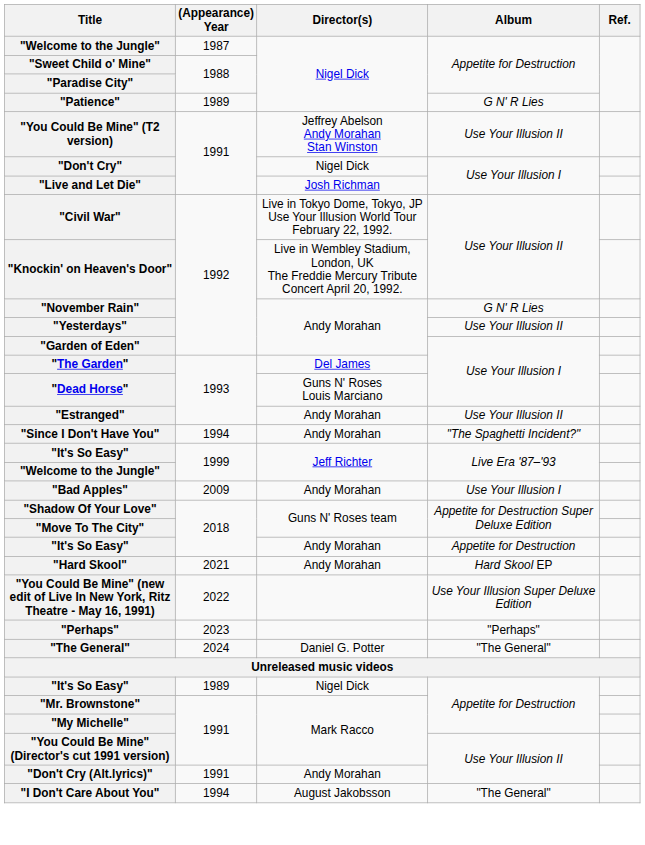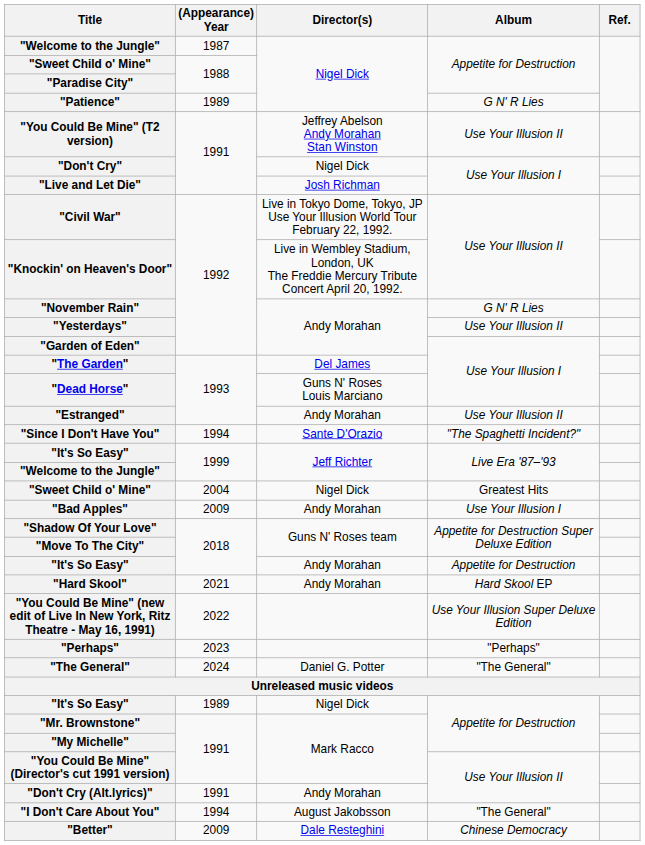 <table class="wikitable plainrowheaders" style="text-align:center;">
 <tr>
 <th scope="col" style="width:14em;">Title</th>
 <th scope="col" style="width:3em;">(Appearance) Year</th>
 <th scope="col" style="width:14em;">Director(s)</th>
 <th scope="col" style="width:14em;">Album</th>
 <th scope="col" style="width:3em;">Ref.</th>
 </tr>
 <tr>
 <th scope="row">"Welcome to the Jungle"</th>
 <td>1987</td>
 <td rowspan="4"><a href='#'>Nigel Dick</a></td>
 <td rowspan="3"><em>Appetite for Destruction</em></td>
 <td rowspan="4"></td>
 </tr>
 <tr>
 <th scope="row">"Sweet Child o' Mine"<br></th>
 <td rowspan="2">1988</td>
 </tr>
 <tr>
 <th scope="row">"Paradise City"</th>
 </tr>
 <tr>
 <th scope="row">"Patience"</th>
 <td>1989</td>
 <td><em>G N' R Lies</em></td>
 </tr>
 <tr>
 <th scope="row">"You Could Be Mine" (T2 version)</th>
 <td rowspan="3">1991</td>
 <td>Jeffrey Abelson<br><a href='#'>Andy Morahan</a><br><a href='#'>Stan Winston</a></td>
 <td><em>Use Your Illusion II</em></td>
 <td></td>
 </tr>
 <tr>
 <th scope="row">"Don't Cry"</th>
 <td>Nigel Dick</td>
 <td rowspan="2"><em>Use Your Illusion I</em></td>
 <td></td>
 </tr>
 <tr>
 <th scope="row">"Live and Let Die"</th>
 <td><a href='#'>Josh Richman</a></td>
 <td></td>
 </tr>
 <tr>
 <th scope="row">"Civil War" </th>
 <td rowspan="5">1992</td>
 <td>Live in Tokyo Dome, Tokyo, JP<br>Use Your Illusion World Tour February 22, 1992.</td>
 <td rowspan="2"><em>Use Your Illusion II</em></td>
 <td></td>
 </tr>
 <tr>
 <th scope="row">"Knockin' on Heaven's Door" </th>
 <td rowspan="1">Live in Wembley Stadium, London, UK<br>The Freddie Mercury Tribute Concert  April 20, 1992.</td>
 <td></td>
 </tr>
 <tr>
 <th scope="row">"November Rain"</th>
 <td rowspan="3">Andy Morahan</td>
 <td><em>G N' R Lies</em></td>
 <td></td>
 </tr>
 <tr>
 <th scope="row">"Yesterdays" </th>
 <td><em>Use Your Illusion II</em></td>
 <td></td>
 </tr>
 <tr>
 <th scope="row">"Garden of Eden" </th>
 <td rowspan="3"><em>Use Your Illusion I</em></td>
 <td></td>
 </tr>
 <tr>
 <th scope="row">"<a href='#'>The Garden</a>"</th>
 <td rowspan="3">1993</td>
 <td><a href='#'>Del James</a></td>
 <td></td>
 </tr>
 <tr>
 <th scope="row">"<a href='#'>Dead Horse</a>"</th>
 <td>Guns N' Roses<br>Louis Marciano</td>
 <td></td>
 </tr>
 <tr>
 <th scope="row">"Estranged"</th>
 <td>Andy Morahan</td>
 <td><em>Use Your Illusion II</em></td>
 <td></td>
 </tr>
 <tr>
 <th scope="row">"Since I Don't Have You"</th>
 <td>1994</td>
-<td>Andy Morahan</td>
+<td><a href='#'>Sante D'Orazio</a></td>
 <td><em>"The Spaghetti Incident?"</em></td>
 <td></td>
 </tr>
 <tr>
 <th scope="row">"It's So Easy" </th>
 <td rowspan="2">1999</td>
 <td rowspan="2"><a href='#'>Jeff Richter</a></td>
 <td rowspan="2"><em>Live Era '87–'93</em></td>
 <td></td>
 </tr>
 <tr>
 <th scope="row">"Welcome to the Jungle" </th>
+<td></td>
+</tr>
+<tr>
+<th scope="row">"Sweet Child o' Mine"<br></th>
+<td>2004</td>
+<td>Nigel Dick</td>
+<td>Greatest Hits</td>
 <td></td>
 </tr>
 <tr>
 <th scope="row">"Bad Apples"</th>
 <td>2009</td>
 <td>Andy Morahan</td>
 <td><em>Use Your Illusion I</em></td>
 <td></td>
 </tr>
 <tr>
 <th scope="row">"Shadow Of Your Love"<br></th>
 <td rowspan="3">2018</td>
 <td rowspan=2>Guns N' Roses team</td>
 <td rowspan=2><em>Appetite for Destruction Super Deluxe Edition</em></td>
 <td></td>
 </tr>
 <tr>
 <th scope="row">"Move To The City"<br></th>
 <td></td>
 </tr>
 <tr>
 <th scope="row">"It's So Easy"<br></th>
 <td>Andy Morahan</td>
 <td><em>Appetite for Destruction</em></td>
 <td></td>
 </tr>
 <tr>
 <th scope="row">"Hard Skool"<br></th>
 <td>2021</td>
 <td>Andy Morahan</td>
 <td><em>Hard Skool</em> EP</td>
 <td></td>
 </tr>
 <tr>
 <th scope="row">"You Could Be Mine" (new edit of Live In New York, Ritz Theatre - May 16, 1991)</th>
 <td>2022</td>
 <td></td>
 <td><em>Use Your Illusion Super Deluxe Edition</em></td>
 <td></td>
 </tr>
 <tr>
 <th scope="row">"Perhaps"</th>
 <td>2023</td>
 <td></td>
 <td>"Perhaps"</td>
 </tr>
 <tr>
 <th scope="row">"The General"</th>
 <td>2024</td>
 <td>Daniel G. Potter</td>
 <td>"The General"</td>
 <td></td>
 </tr>
 <tr>
 <th scope="col" colspan="5">Unreleased music videos</th>
 </tr>
 <tr>
 <th scope="row">"It's So Easy" </th>
 <td>1989</td>
 <td>Nigel Dick</td>
 <td rowspan="3"><em>Appetite for Destruction</em></td>
 <td></td>
 </tr>
 <tr>
 <th scope="row">"Mr. Brownstone"</th>
 <td rowspan="3">1991</td>
 <td rowspan="3">Mark Racco</td>
 <td></td>
 </tr>
 <tr>
 <th scope="row">"My Michelle"</th>
 <td></td>
 </tr>
 <tr>
 <th scope="row">"You Could Be Mine" (Director's cut 1991 version)</th>
 <td rowspan=2><em>Use Your Illusion II</em></td>
 <td></td>
 </tr>
 <tr>
 <th scope="row">"Don't Cry (Alt.lyrics)"</th>
 <td>1991</td>
 <td>Andy Morahan</td>
 <td></td>
 </tr>
 <tr>
 <th scope="row">"I Don't Care About You"</th>
 <td>1994</td>
 <td>August Jakobsson</td>
 <td>"The General"</td>
 <td></td>
 </tr>
+<tr>
+<th scope="row">"Better"</th>
+<td>2009</td>
+<td><a href='#'>Dale Resteghini</a></td>
+<td><em>Chinese Democracy</em></td>
+<td></td>
+</tr>
 </table>
